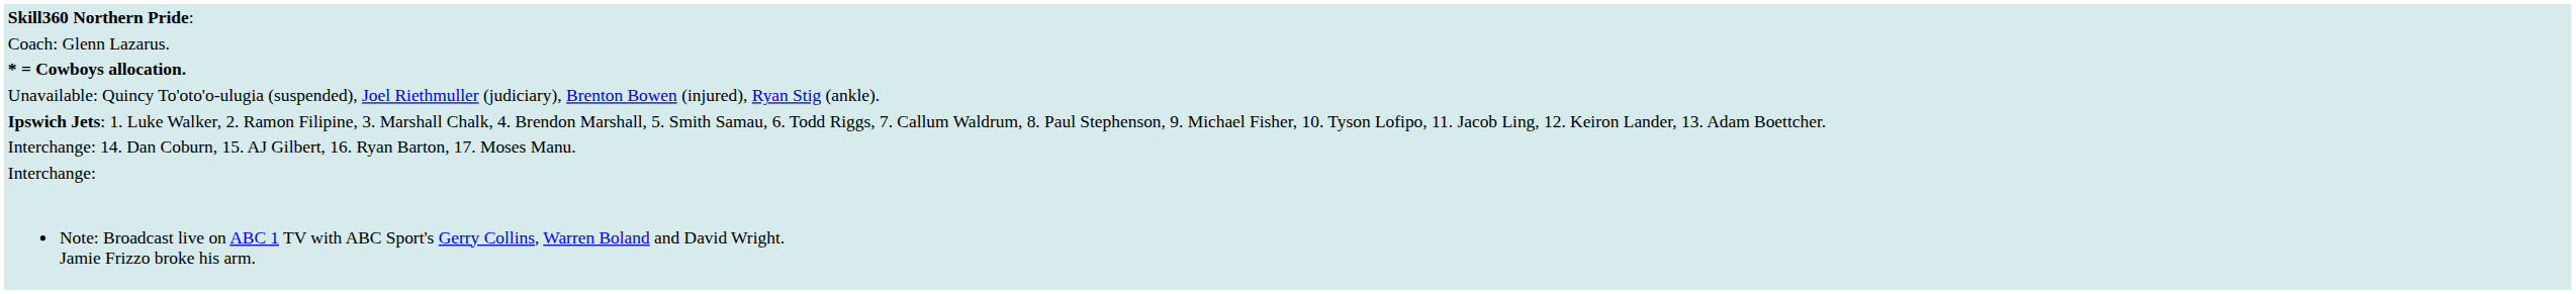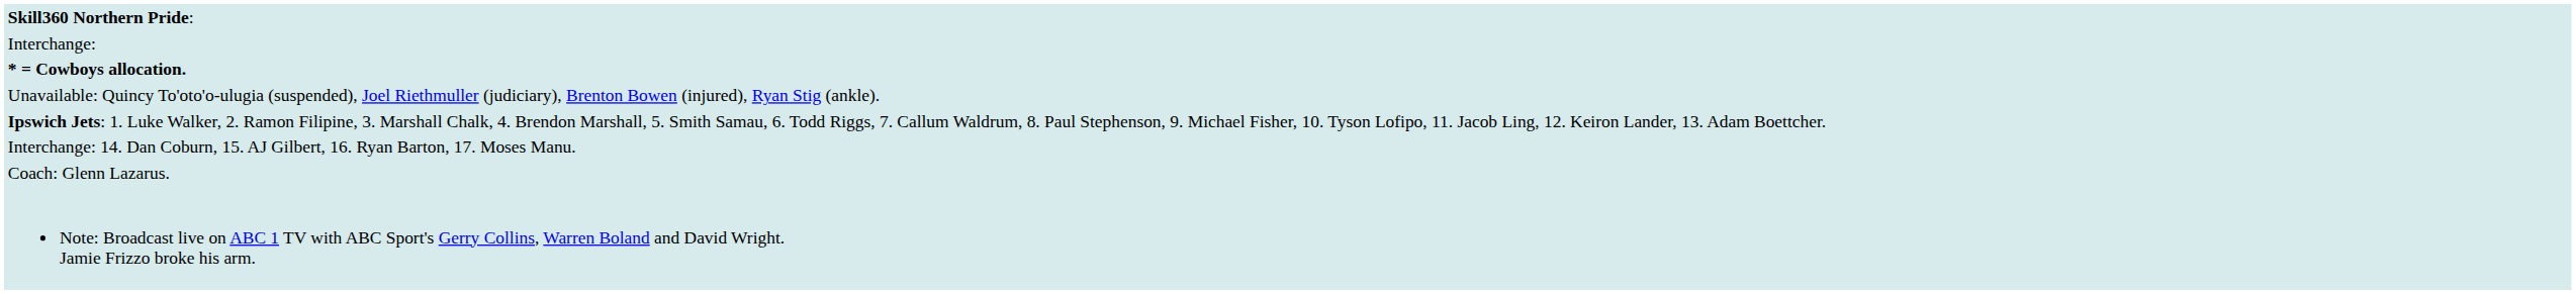 <table style="background:#d7ebed; font-size:85%; width:100%;">
 <tr>
 <td><strong>Skill360 Northern Pride</strong>:             </td>
 </tr>
 <tr>
-<td>Coach: Glenn Lazarus.</td>
+<td>Interchange:    </td>
 </tr>
 <tr>
 <td><strong>* = Cowboys allocation.</strong></td>
 </tr>
 <tr>
 <td>Unavailable: Quincy To'oto'o-ulugia (suspended), <a href='#'>Joel Riethmuller</a> (judiciary), <a href='#'>Brenton Bowen</a> (injured), <a href='#'>Ryan Stig</a> (ankle).</td>
 </tr>
 <tr>
 <td><strong>Ipswich Jets</strong>: 1. Luke Walker, 2. Ramon Filipine, 3. Marshall Chalk, 4. Brendon Marshall, 5. Smith Samau, 6. Todd Riggs, 7. Callum Waldrum, 8. Paul Stephenson, 9. Michael Fisher, 10. Tyson Lofipo, 11. Jacob Ling, 12. Keiron Lander, 13. Adam Boettcher.</td>
 </tr>
 <tr>
 <td>Interchange: 14. Dan Coburn, 15. AJ Gilbert, 16. Ryan Barton, 17. Moses Manu.</td>
 </tr>
 <tr>
-<td>Interchange:    </td>
+<td>Coach: Glenn Lazarus.</td>
 </tr>
 <tr>
 <td><br><ul><li>Note: Broadcast live on <a href='#'>ABC 1</a> TV with ABC Sport's <a href='#'>Gerry Collins</a>, <a href='#'>Warren Boland</a> and David Wright.<br>Jamie Frizzo broke his arm.</li></ul></td>
 </tr>
 </table>
